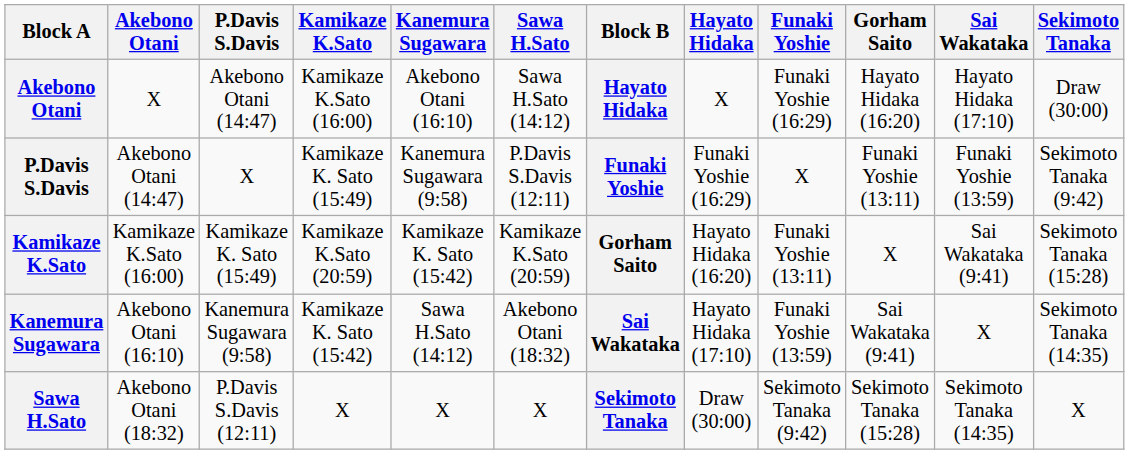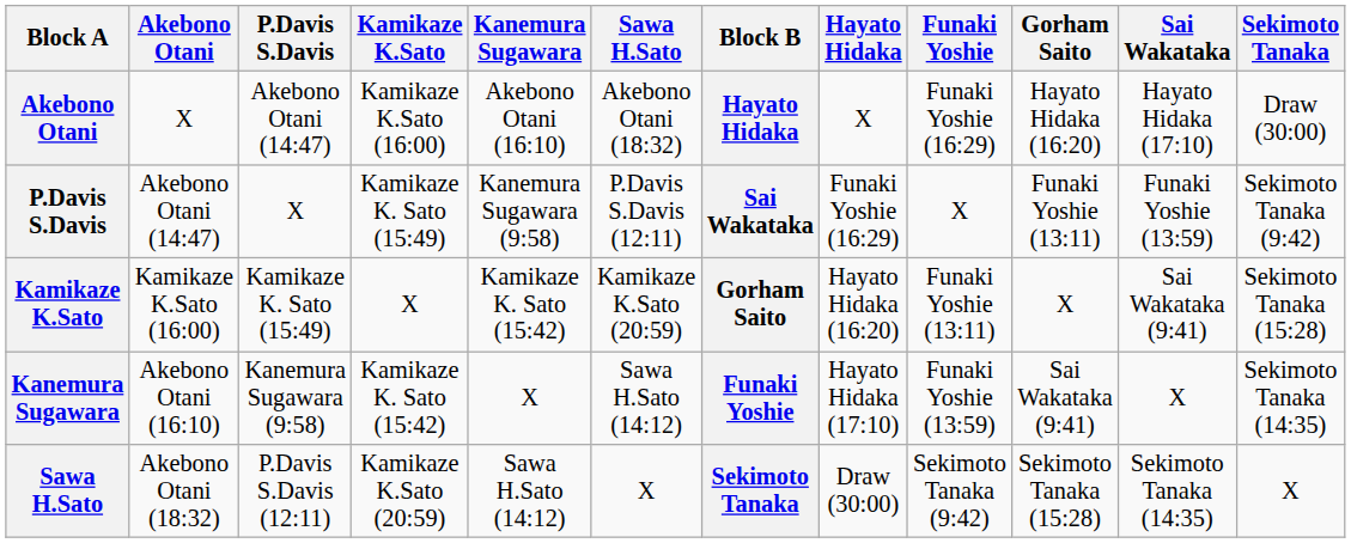 <table class="wikitable" style="text-align:center; margin: 1em auto 1em auto">
 <tr>
 <th>Block A</th>
 <th><a href='#'>Akebono</a><br><a href='#'>Otani</a></th>
 <th>P.Davis<br>S.Davis</th>
 <th><a href='#'>Kamikaze</a><br><a href='#'>K.Sato</a></th>
 <th><a href='#'>Kanemura</a><br><a href='#'>Sugawara</a></th>
 <th><a href='#'>Sawa</a><br><a href='#'>H.Sato</a></th>
 <th>Block B</th>
 <th><a href='#'>Hayato</a><br><a href='#'>Hidaka</a></th>
 <th><a href='#'>Funaki</a><br><a href='#'>Yoshie</a></th>
 <th>Gorham<br>Saito</th>
 <th><a href='#'>Sai</a><br>Wakataka</th>
 <th><a href='#'>Sekimoto</a><br><a href='#'>Tanaka</a></th>
 </tr>
 <tr>
 <th><a href='#'>Akebono</a><br><a href='#'>Otani</a></th>
 <td>X</td>
 <td>Akebono<br>Otani<br>(14:47)</td>
 <td>Kamikaze<br>K.Sato<br>(16:00)</td>
 <td>Akebono<br>Otani<br>(16:10)</td>
-<td>Sawa<br>H.Sato<br>(14:12)</td>
+<td>Akebono<br>Otani<br>(18:32)</td>
 <th><a href='#'>Hayato</a><br><a href='#'>Hidaka</a></th>
 <td>X</td>
 <td>Funaki<br>Yoshie<br>(16:29)</td>
 <td>Hayato<br>Hidaka<br>(16:20)</td>
 <td>Hayato<br>Hidaka<br>(17:10)</td>
 <td>Draw<br>(30:00)</td>
 </tr>
 <tr>
 <th>P.Davis<br>S.Davis</th>
 <td>Akebono<br>Otani<br>(14:47)</td>
 <td>X</td>
 <td>Kamikaze<br>K. Sato<br>(15:49)</td>
 <td>Kanemura<br>Sugawara<br>(9:58)</td>
 <td>P.Davis<br>S.Davis<br>(12:11)</td>
-<th><a href='#'>Funaki</a><br><a href='#'>Yoshie</a></th>
+<th><a href='#'>Sai</a><br>Wakataka</th>
 <td>Funaki<br>Yoshie<br>(16:29)</td>
 <td>X</td>
 <td>Funaki<br>Yoshie<br>(13:11)</td>
 <td>Funaki<br>Yoshie<br>(13:59)</td>
 <td>Sekimoto<br>Tanaka<br>(9:42)</td>
 </tr>
 <tr>
 <th><a href='#'>Kamikaze</a><br><a href='#'>K.Sato</a></th>
 <td>Kamikaze<br>K.Sato<br>(16:00)</td>
 <td>Kamikaze<br>K. Sato<br>(15:49)</td>
-<td>Kamikaze<br>K.Sato<br>(20:59)</td>
+<td>X</td>
 <td>Kamikaze<br>K. Sato<br>(15:42)</td>
 <td>Kamikaze<br>K.Sato<br>(20:59)</td>
 <th>Gorham<br>Saito</th>
 <td>Hayato<br>Hidaka<br>(16:20)</td>
 <td>Funaki<br>Yoshie<br>(13:11)</td>
 <td>X</td>
 <td>Sai<br>Wakataka<br>(9:41)</td>
 <td>Sekimoto<br>Tanaka<br>(15:28)</td>
 </tr>
 <tr>
 <th><a href='#'>Kanemura</a><br><a href='#'>Sugawara</a></th>
 <td>Akebono<br>Otani<br>(16:10)</td>
 <td>Kanemura<br>Sugawara<br>(9:58)</td>
 <td>Kamikaze<br>K. Sato<br>(15:42)</td>
+<td>X</td>
 <td>Sawa<br>H.Sato<br>(14:12)</td>
-<td>Akebono<br>Otani<br>(18:32)</td>
-<th><a href='#'>Sai</a><br>Wakataka</th>
+<th><a href='#'>Funaki</a><br><a href='#'>Yoshie</a></th>
 <td>Hayato<br>Hidaka<br>(17:10)</td>
 <td>Funaki<br>Yoshie<br>(13:59)</td>
 <td>Sai<br>Wakataka<br>(9:41)</td>
 <td>X</td>
 <td>Sekimoto<br>Tanaka<br>(14:35)</td>
 </tr>
 <tr>
 <th><a href='#'>Sawa</a><br><a href='#'>H.Sato</a></th>
 <td>Akebono<br>Otani<br>(18:32)</td>
 <td>P.Davis<br>S.Davis<br>(12:11)</td>
-<td>X</td>
-<td>X</td>
+<td>Kamikaze<br>K.Sato<br>(20:59)</td>
+<td>Sawa<br>H.Sato<br>(14:12)</td>
 <td>X</td>
 <th><a href='#'>Sekimoto</a><br><a href='#'>Tanaka</a></th>
 <td>Draw<br>(30:00)</td>
 <td>Sekimoto<br>Tanaka<br>(9:42)</td>
 <td>Sekimoto<br>Tanaka<br>(15:28)</td>
 <td>Sekimoto<br>Tanaka<br>(14:35)</td>
 <td>X</td>
 </tr>
 </table>
